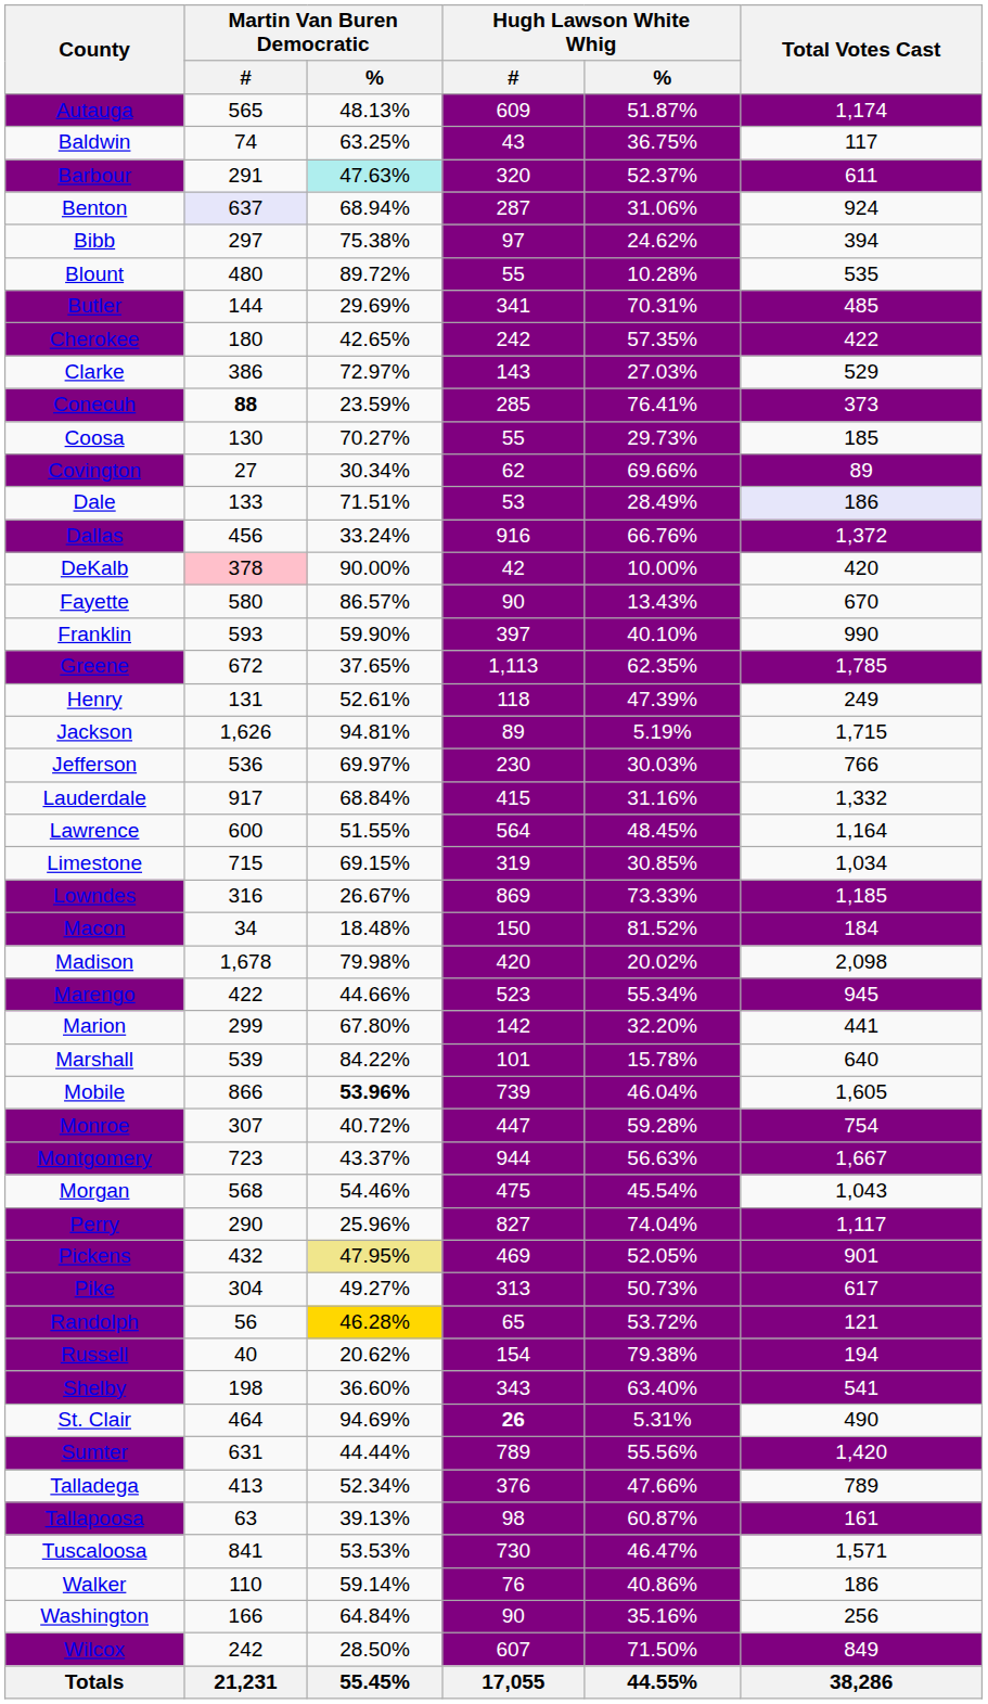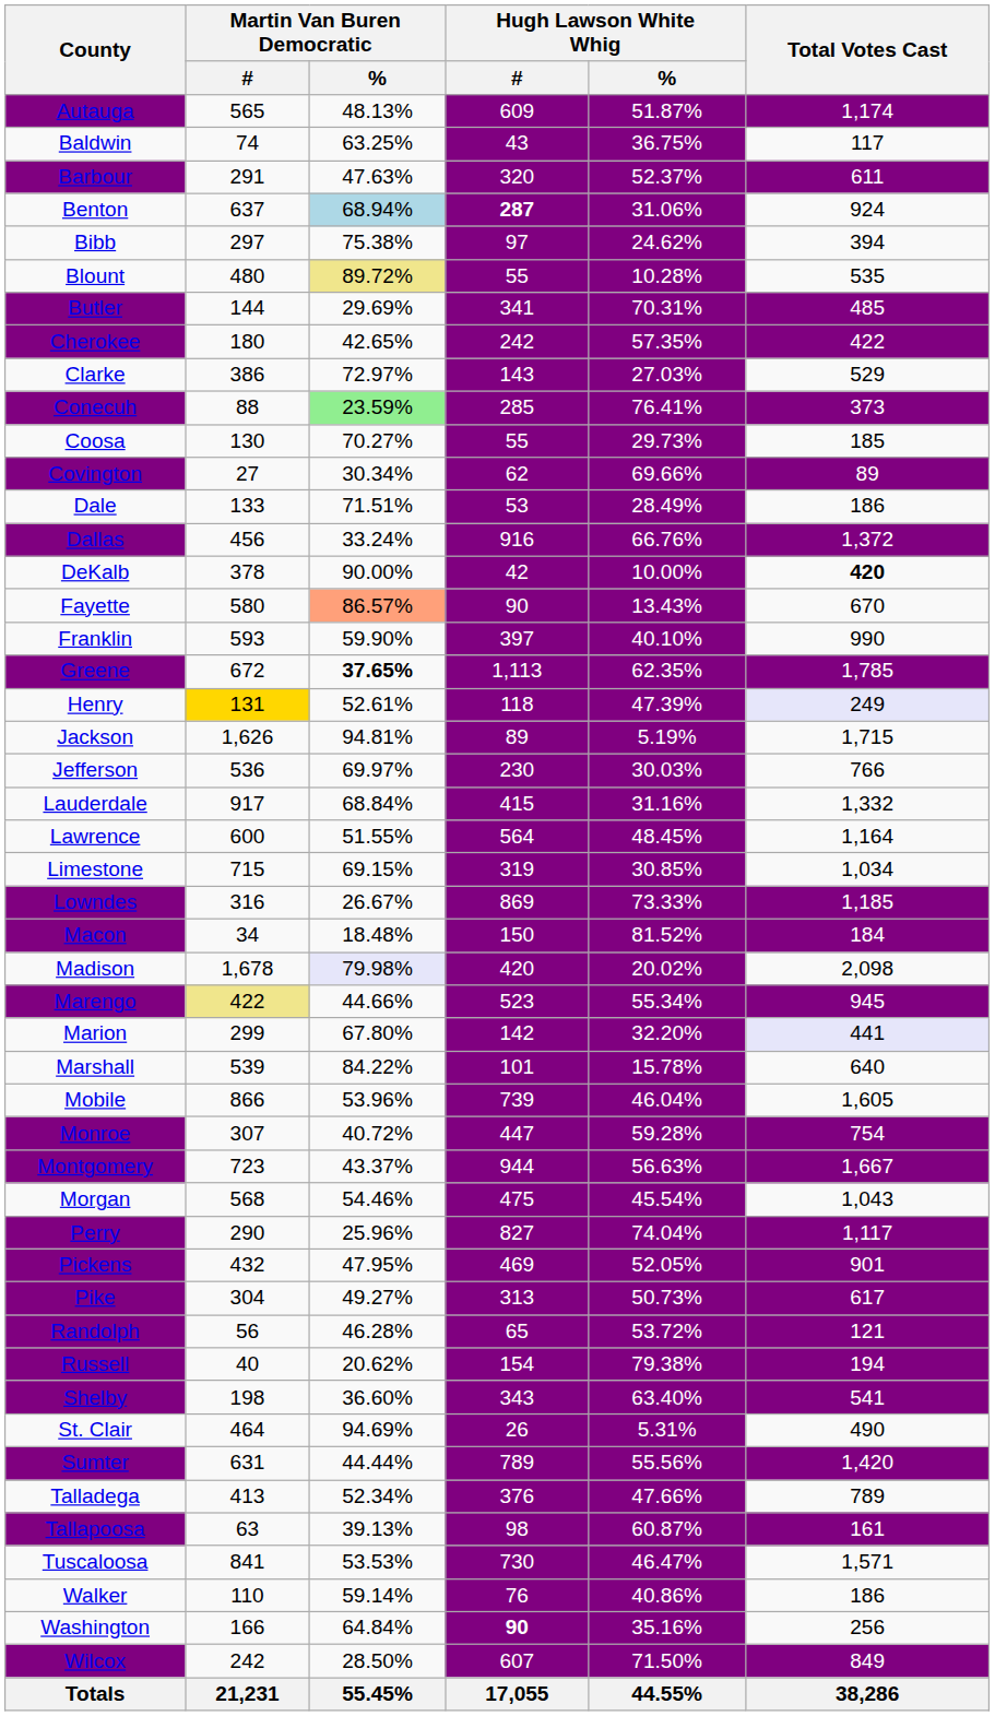 <table class="wikitable sortable" width="60%">
 <tr>
 <th rowspan="2">County</th>
 <th colspan="2">Martin Van Buren<br>Democratic</th>
 <th colspan="2">Hugh Lawson White<br>Whig</th>
 <th rowspan="2">Total Votes Cast</th>
 </tr>
 <tr>
 <th data-sort-type="number" style="text-align:center;">#</th>
 <th data-sort-type="number" style="text-align:center;">%</th>
 <th data-sort-type="number" style="text-align:center;">#</th>
 <th data-sort-type="number" style="text-align:center;">%</th>
 </tr>
 <tr style="text-align:center;">
 <td style="color:white; background:#800080;"><a href='#'>Autauga</a></td>
 <td>565</td>
 <td>48.13%</td>
 <td style="color:White; background:#800080;">609</td>
 <td style="color:white; background:#800080;">51.87%</td>
 <td style="color:white; background:#800080;">1,174</td>
 </tr>
 <tr style="text-align:center;">
 <td><a href='#'>Baldwin</a></td>
 <td>74</td>
 <td>63.25%</td>
 <td style="color:white; background:#800080;">43</td>
 <td style="color:white; background:#800080;">36.75%</td>
 <td>117</td>
 </tr>
 <tr style="text-align:center;">
 <td style="color:white; background:#800080;"><a href='#'>Barbour</a></td>
 <td>291</td>
-<td style="background: paleturquoise;">47.63%</td>
+<td>47.63%</td>
 <td style="color:white; background:#800080;">320</td>
 <td style="color:white; background:#800080;">52.37%</td>
 <td style="color:white; background:#800080;">611</td>
 </tr>
 <tr style="text-align:center;">
 <td><a href='#'>Benton</a></td>
-<td style="background: lavender;">637</td>
-<td>68.94%</td>
-<td style="color:white; background:#800080;">287</td>
+<td>637</td>
+<td style="background: lightblue;">68.94%</td>
+<td style="color:white; background:#800080;"><strong>287</strong></td>
 <td style="color:white; background:#800080;">31.06%</td>
 <td>924</td>
 </tr>
 <tr style="text-align:center;">
 <td><a href='#'>Bibb</a></td>
 <td>297</td>
 <td>75.38%</td>
 <td style="color:white; background:#800080;">97</td>
 <td style="color:white; background:#800080;">24.62%</td>
 <td>394</td>
 </tr>
 <tr style="text-align:center;">
 <td><a href='#'>Blount</a></td>
 <td>480</td>
-<td>89.72%</td>
+<td style="background: khaki;">89.72%</td>
 <td style="color:white; background:#800080;">55</td>
 <td style="color:white; background:#800080;">10.28%</td>
 <td>535</td>
 </tr>
 <tr style="text-align:center;">
 <td style="color:white; background:#800080;"><a href='#'>Butler</a></td>
 <td>144</td>
 <td>29.69%</td>
 <td style="color:white; background:#800080;">341</td>
 <td style="color:white; background:#800080;">70.31%</td>
 <td style="color:white; background:#800080;">485</td>
 </tr>
 <tr style="text-align:center;">
 <td style="color:white; background:#800080;"><a href='#'>Cherokee</a></td>
 <td>180</td>
 <td>42.65%</td>
 <td style="color:white; background:#800080;">242</td>
 <td style="color:white; background:#800080;">57.35%</td>
 <td style="color:white; background:#800080;">422</td>
 </tr>
 <tr style="text-align:center;">
 <td><a href='#'>Clarke</a></td>
 <td>386</td>
 <td>72.97%</td>
 <td style="color:white; background:#800080;">143</td>
 <td style="color:white; background:#800080;">27.03%</td>
 <td>529</td>
 </tr>
 <tr style="text-align:center;">
 <td style="color:white; background:#800080;"><a href='#'>Conecuh</a></td>
-<td><strong>88</strong></td>
-<td>23.59%</td>
+<td>88</td>
+<td style="background: lightgreen;">23.59%</td>
 <td style="color:white; background:#800080;">285</td>
 <td style="color:white; background:#800080;">76.41%</td>
 <td style="color:white; background:#800080;">373</td>
 </tr>
 <tr style="text-align:center;">
 <td><a href='#'>Coosa</a></td>
 <td>130</td>
 <td>70.27%</td>
 <td style="color:white; background:#800080;">55</td>
 <td style="color:white; background:#800080;">29.73%</td>
 <td>185</td>
 </tr>
 <tr style="text-align:center;">
 <td style="color:white; background:#800080;"><a href='#'>Covington</a></td>
 <td>27</td>
 <td>30.34%</td>
 <td style="color:white; background:#800080;">62</td>
 <td style="color:white; background:#800080;">69.66%</td>
 <td style="color:white; background:#800080;">89</td>
 </tr>
 <tr style="text-align:center;">
 <td><a href='#'>Dale</a></td>
 <td>133</td>
 <td>71.51%</td>
 <td style="color:white; background:#800080;">53</td>
 <td style="color:white; background:#800080;">28.49%</td>
-<td style="background: lavender;">186</td>
+<td>186</td>
 </tr>
 <tr style="text-align:center;">
 <td style="color:white; background:#800080;"><a href='#'>Dallas</a></td>
 <td>456</td>
 <td>33.24%</td>
 <td style="color:white; background:#800080;">916</td>
 <td style="color:white; background:#800080;">66.76%</td>
 <td style="color:white; background:#800080;">1,372</td>
 </tr>
 <tr style="text-align:center;">
 <td><a href='#'>DeKalb</a></td>
-<td style="background: pink;">378</td>
+<td>378</td>
 <td>90.00%</td>
 <td style="color:white; background:#800080;">42</td>
 <td style="color:white; background:#800080;">10.00%</td>
-<td>420</td>
+<td><strong>420</strong></td>
 </tr>
 <tr style="text-align:center;">
 <td><a href='#'>Fayette</a></td>
 <td>580</td>
-<td>86.57%</td>
+<td style="background: lightsalmon;">86.57%</td>
 <td style="color:white; background:#800080;">90</td>
 <td style="color:white; background:#800080;">13.43%</td>
 <td>670</td>
 </tr>
 <tr style="text-align:center;">
 <td><a href='#'>Franklin</a></td>
 <td>593</td>
 <td>59.90%</td>
 <td style="color:white; background:#800080;">397</td>
 <td style="color:white; background:#800080;">40.10%</td>
 <td>990</td>
 </tr>
 <tr style="text-align:center;">
 <td style="color:white; background:#800080;"><a href='#'>Greene</a></td>
 <td>672</td>
-<td>37.65%</td>
+<td><strong>37.65%</strong></td>
 <td style="color:white; background:#800080;">1,113</td>
 <td style="color:white; background:#800080;">62.35%</td>
 <td style="color:white; background:#800080;">1,785</td>
 </tr>
 <tr style="text-align:center;">
 <td><a href='#'>Henry</a></td>
-<td>131</td>
+<td style="background: gold;">131</td>
 <td>52.61%</td>
 <td style="color:white; background:#800080;">118</td>
 <td style="color:white; background:#800080;">47.39%</td>
-<td>249</td>
+<td style="background: lavender;">249</td>
 </tr>
 <tr style="text-align:center;">
 <td><a href='#'>Jackson</a></td>
 <td>1,626</td>
 <td>94.81%</td>
 <td style="color:white; background:#800080;">89</td>
 <td style="color:white; background:#800080;">5.19%</td>
 <td>1,715</td>
 </tr>
 <tr style="text-align:center;">
 <td><a href='#'>Jefferson</a></td>
 <td>536</td>
 <td>69.97%</td>
 <td style="color:white; background:#800080;">230</td>
 <td style="color:white; background:#800080;">30.03%</td>
 <td>766</td>
 </tr>
 <tr style="text-align:center;">
 <td><a href='#'>Lauderdale</a></td>
 <td>917</td>
 <td>68.84%</td>
 <td style="color:white; background:#800080;">415</td>
 <td style="color:white; background:#800080;">31.16%</td>
 <td>1,332</td>
 </tr>
 <tr style="text-align:center;">
 <td><a href='#'>Lawrence</a></td>
 <td>600</td>
 <td>51.55%</td>
 <td style="color:white; background:#800080;">564</td>
 <td style="color:white; background:#800080;">48.45%</td>
 <td>1,164</td>
 </tr>
 <tr style="text-align:center;">
 <td><a href='#'>Limestone</a></td>
 <td>715</td>
 <td>69.15%</td>
 <td style="color:white; background:#800080;">319</td>
 <td style="color:white; background:#800080;">30.85%</td>
 <td>1,034</td>
 </tr>
 <tr style="text-align:center;">
 <td style="color:white; background:#800080;"><a href='#'>Lowndes</a></td>
 <td>316</td>
 <td>26.67%</td>
 <td style="color:white; background:#800080;">869</td>
 <td style="color:white; background:#800080;">73.33%</td>
 <td style="color:white; background:#800080;">1,185</td>
 </tr>
 <tr style="text-align:center;">
 <td style="color:white; background:#800080;"><a href='#'>Macon</a></td>
 <td>34</td>
 <td>18.48%</td>
 <td style="color:white; background:#800080;">150</td>
 <td style="color:white; background:#800080;">81.52%</td>
 <td style="color:white; background:#800080;">184</td>
 </tr>
 <tr style="text-align:center;">
 <td><a href='#'>Madison</a></td>
 <td>1,678</td>
-<td>79.98%</td>
+<td style="background: lavender;">79.98%</td>
 <td style="color:white; background:#800080;">420</td>
 <td style="color:white; background:#800080;">20.02%</td>
 <td>2,098</td>
 </tr>
 <tr style="text-align:center;">
 <td style="color:white; background:#800080;"><a href='#'>Marengo</a></td>
-<td>422</td>
+<td style="background: khaki;">422</td>
 <td>44.66%</td>
 <td style="color:white; background:#800080;">523</td>
 <td style="color:white; background:#800080;">55.34%</td>
 <td style="color:white; background:#800080;">945</td>
 </tr>
 <tr style="text-align:center;">
 <td><a href='#'>Marion</a></td>
 <td>299</td>
 <td>67.80%</td>
 <td style="color:white; background:#800080;">142</td>
 <td style="color:white; background:#800080;">32.20%</td>
-<td>441</td>
+<td style="background: lavender;">441</td>
 </tr>
 <tr style="text-align:center;">
 <td><a href='#'>Marshall</a></td>
 <td>539</td>
 <td>84.22%</td>
 <td style="color:white; background:#800080;">101</td>
 <td style="color:white; background:#800080;">15.78%</td>
 <td>640</td>
 </tr>
 <tr style="text-align:center;">
 <td><a href='#'>Mobile</a></td>
 <td>866</td>
-<td><strong>53.96%</strong></td>
+<td>53.96%</td>
 <td style="color:white; background:#800080;">739</td>
 <td style="color:white; background:#800080;">46.04%</td>
 <td>1,605</td>
 </tr>
 <tr style="text-align:center;">
 <td style="color:white; background:#800080;"><a href='#'>Monroe</a></td>
 <td>307</td>
 <td>40.72%</td>
 <td style="color:white; background:#800080;">447</td>
 <td style="color:white; background:#800080;">59.28%</td>
 <td style="color:white; background:#800080;">754</td>
 </tr>
 <tr style="text-align:center;">
 <td style="color:white; background:#800080;"><a href='#'>Montgomery</a></td>
 <td>723</td>
 <td>43.37%</td>
 <td style="color:white; background:#800080;">944</td>
 <td style="color:white; background:#800080;">56.63%</td>
 <td style="color:white; background:#800080;">1,667</td>
 </tr>
 <tr style="text-align:center;">
 <td><a href='#'>Morgan</a></td>
 <td>568</td>
 <td>54.46%</td>
 <td style="color:white; background:#800080;">475</td>
 <td style="color:white; background:#800080;">45.54%</td>
 <td>1,043</td>
 </tr>
 <tr style="text-align:center;">
 <td style="color:white; background:#800080;"><a href='#'>Perry</a></td>
 <td>290</td>
 <td>25.96%</td>
 <td style="color:white; background:#800080;">827</td>
 <td style="color:white; background:#800080;">74.04%</td>
 <td style="color:white; background:#800080;">1,117</td>
 </tr>
 <tr style="text-align:center;">
 <td style="color:white; background:#800080;"><a href='#'>Pickens</a></td>
 <td>432</td>
-<td style="background: khaki;">47.95%</td>
+<td>47.95%</td>
 <td style="color:white; background:#800080;">469</td>
 <td style="color:white; background:#800080;">52.05%</td>
 <td style="color:white; background:#800080;">901</td>
 </tr>
 <tr style="text-align:center;">
 <td style="color:white; background:#800080;"><a href='#'>Pike</a></td>
 <td>304</td>
 <td>49.27%</td>
 <td style="color:white; background:#800080;">313</td>
 <td style="color:white; background:#800080;">50.73%</td>
 <td style="color:white; background:#800080;">617</td>
 </tr>
 <tr style="text-align:center;">
 <td style="color:white; background:#800080;"><a href='#'>Randolph</a></td>
 <td>56</td>
-<td style="background: gold;">46.28%</td>
+<td>46.28%</td>
 <td style="color:white; background:#800080;">65</td>
 <td style="color:white; background:#800080;">53.72%</td>
 <td style="color:white; background:#800080;">121</td>
 </tr>
 <tr style="text-align:center;">
 <td style="color:white; background:#800080;"><a href='#'>Russell</a></td>
 <td>40</td>
 <td>20.62%</td>
 <td style="color:white; background:#800080;">154</td>
 <td style="color:white; background:#800080;">79.38%</td>
 <td style="color:white; background:#800080;">194</td>
 </tr>
 <tr style="text-align:center;">
 <td style="color:white; background:#800080;"><a href='#'>Shelby</a></td>
 <td>198</td>
 <td>36.60%</td>
 <td style="color:white; background:#800080;">343</td>
 <td style="color:white; background:#800080;">63.40%</td>
 <td style="color:white; background:#800080;">541</td>
 </tr>
 <tr style="text-align:center;">
 <td><a href='#'>St. Clair</a></td>
 <td>464</td>
 <td>94.69%</td>
-<td style="color:white; background:#800080;"><strong>26</strong></td>
+<td style="color:white; background:#800080;">26</td>
 <td style="color:white; background:#800080;">5.31%</td>
 <td>490</td>
 </tr>
 <tr style="text-align:center;">
 <td style="color:white; background:#800080;"><a href='#'>Sumter</a></td>
 <td>631</td>
 <td>44.44%</td>
 <td style="color:white; background:#800080;">789</td>
 <td style="color:white; background:#800080;">55.56%</td>
 <td style="color:white; background:#800080;">1,420</td>
 </tr>
 <tr style="text-align:center;">
 <td><a href='#'>Talladega</a></td>
 <td>413</td>
 <td>52.34%</td>
 <td style="color:white; background:#800080;">376</td>
 <td style="color:white; background:#800080;">47.66%</td>
 <td>789</td>
 </tr>
 <tr style="text-align:center;">
 <td style="color:white; background:#800080;"><a href='#'>Tallapoosa</a></td>
 <td>63</td>
 <td>39.13%</td>
 <td style="color:white; background:#800080;">98</td>
 <td style="color:white; background:#800080;">60.87%</td>
 <td style="color:white; background:#800080;">161</td>
 </tr>
 <tr style="text-align:center;">
 <td><a href='#'>Tuscaloosa</a></td>
 <td>841</td>
 <td>53.53%</td>
 <td style="color:white; background:#800080;">730</td>
 <td style="color:white; background:#800080;">46.47%</td>
 <td>1,571</td>
 </tr>
 <tr style="text-align:center;">
 <td><a href='#'>Walker</a></td>
 <td>110</td>
 <td>59.14%</td>
 <td style="color:white; background:#800080;">76</td>
 <td style="color:white; background:#800080;">40.86%</td>
 <td>186</td>
 </tr>
 <tr style="text-align:center;">
 <td><a href='#'>Washington</a></td>
 <td>166</td>
 <td>64.84%</td>
-<td style="color:white; background:#800080;">90</td>
+<td style="color:white; background:#800080;"><strong>90</strong></td>
 <td style="color:white; background:#800080;">35.16%</td>
 <td>256</td>
 </tr>
 <tr style="text-align:center;">
 <td style="color:white; background:#800080;"><a href='#'>Wilcox</a></td>
 <td>242</td>
 <td>28.50%</td>
 <td style="color:white; background:#800080;">607</td>
 <td style="color:white; background:#800080;">71.50%</td>
 <td style="color:white; background:#800080;">849</td>
 </tr>
 <tr>
 <th>Totals</th>
 <th>21,231</th>
 <th>55.45%</th>
 <th>17,055</th>
 <th>44.55%</th>
 <th>38,286</th>
 </tr>
 </table>
